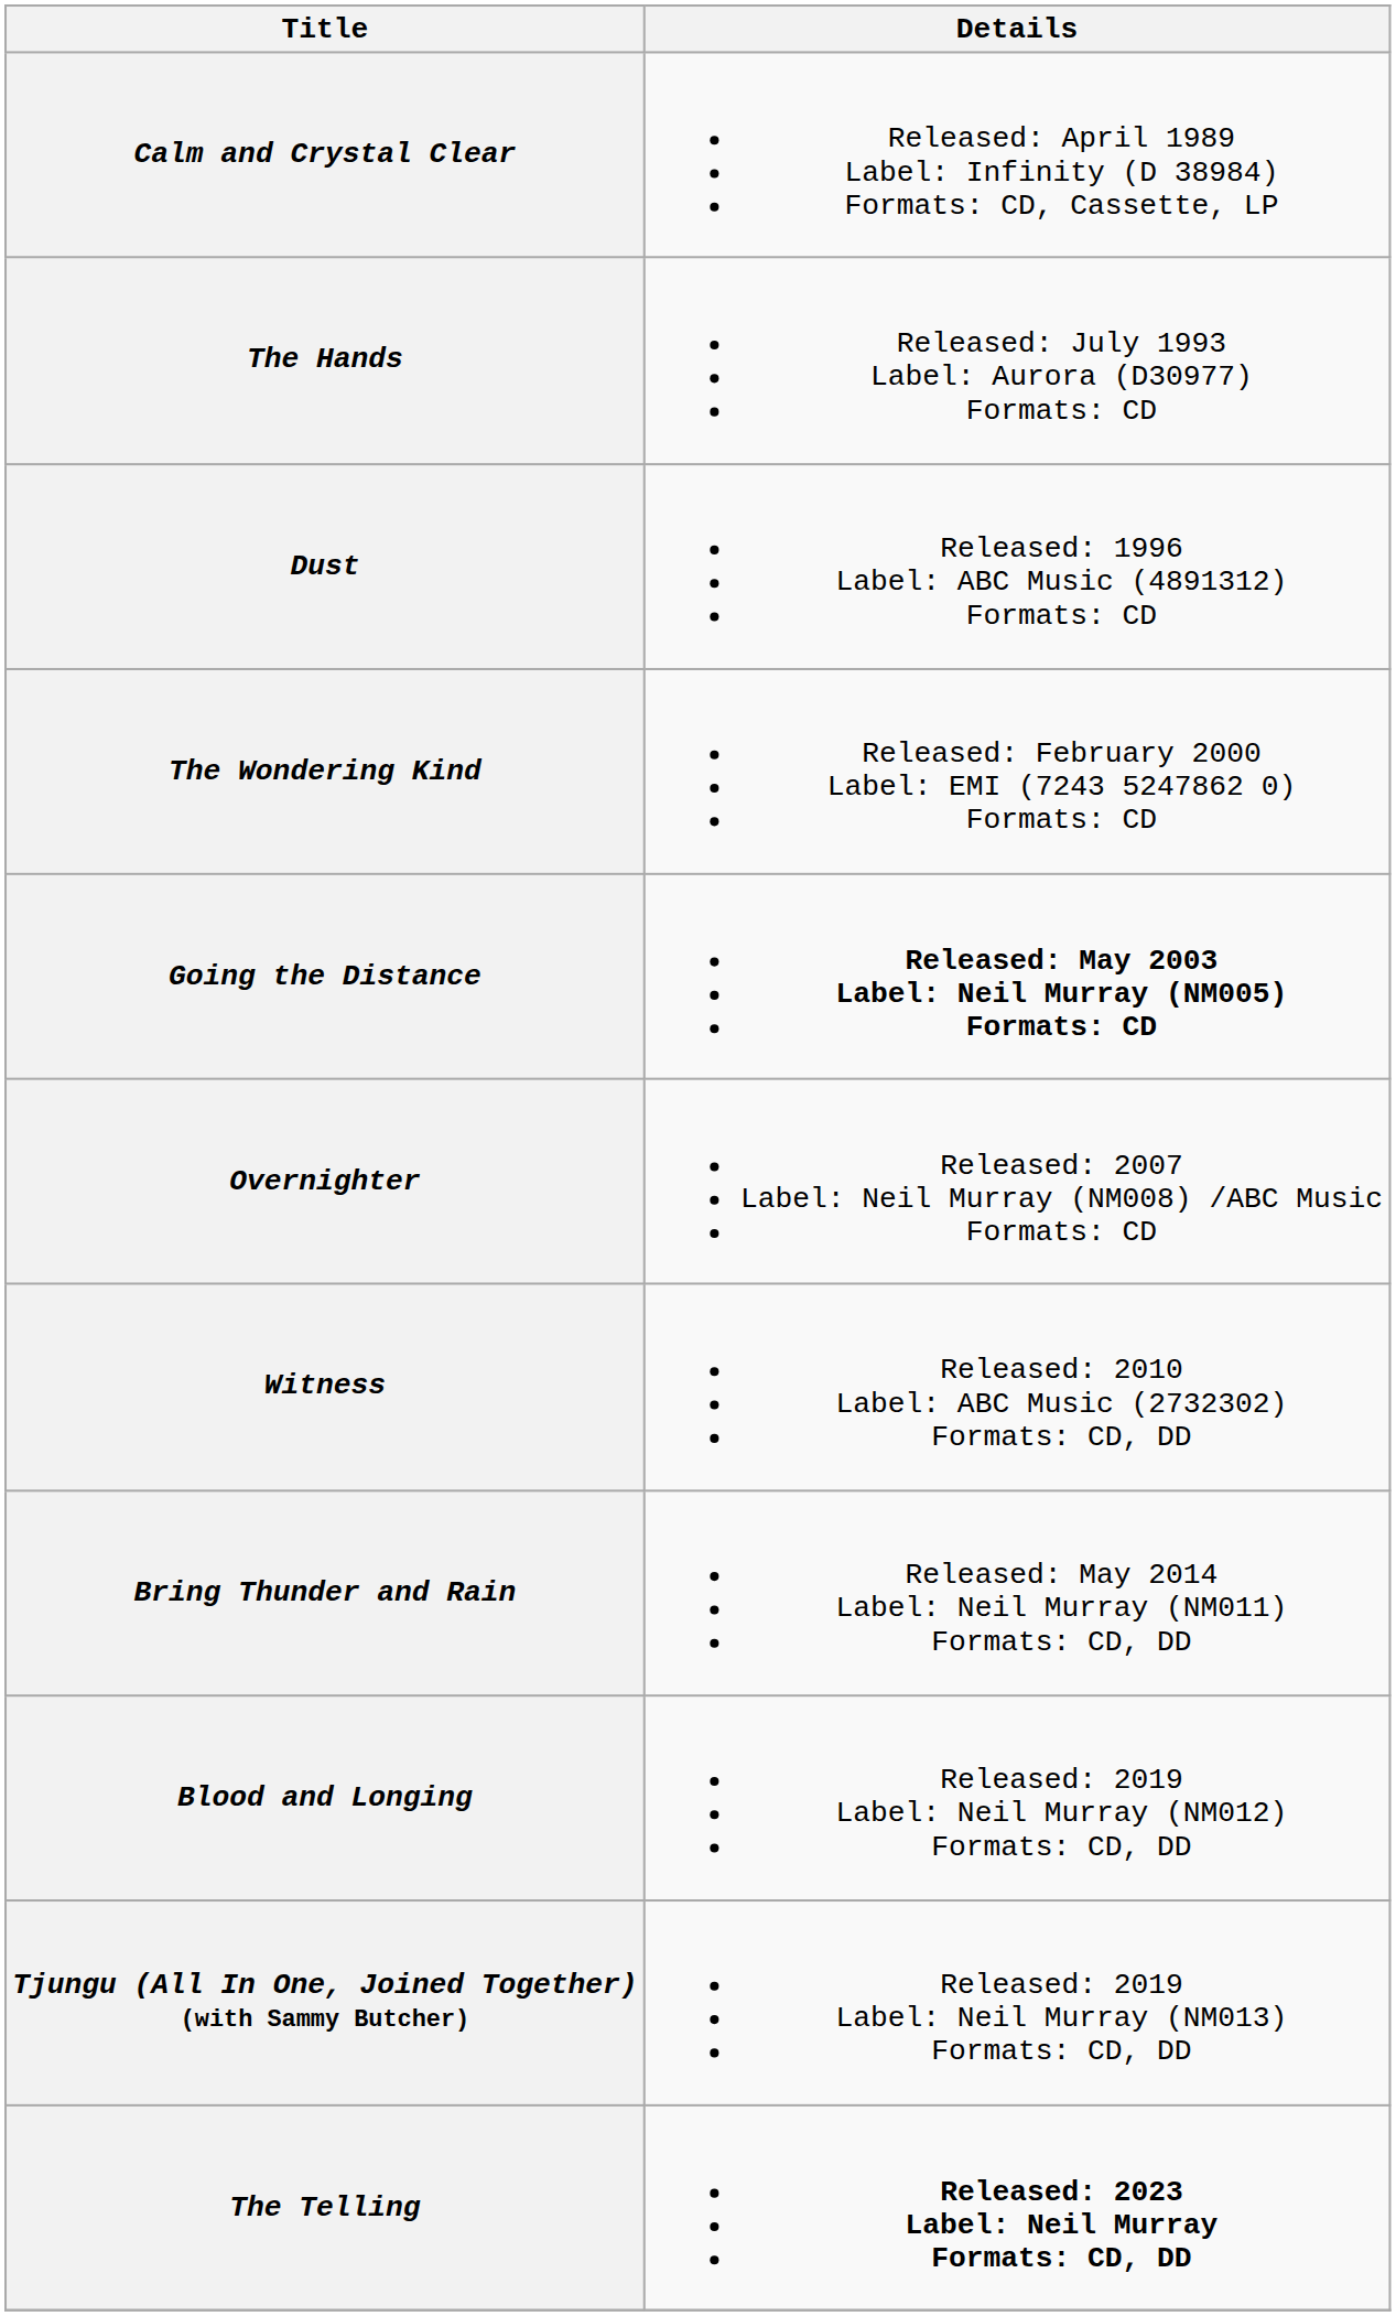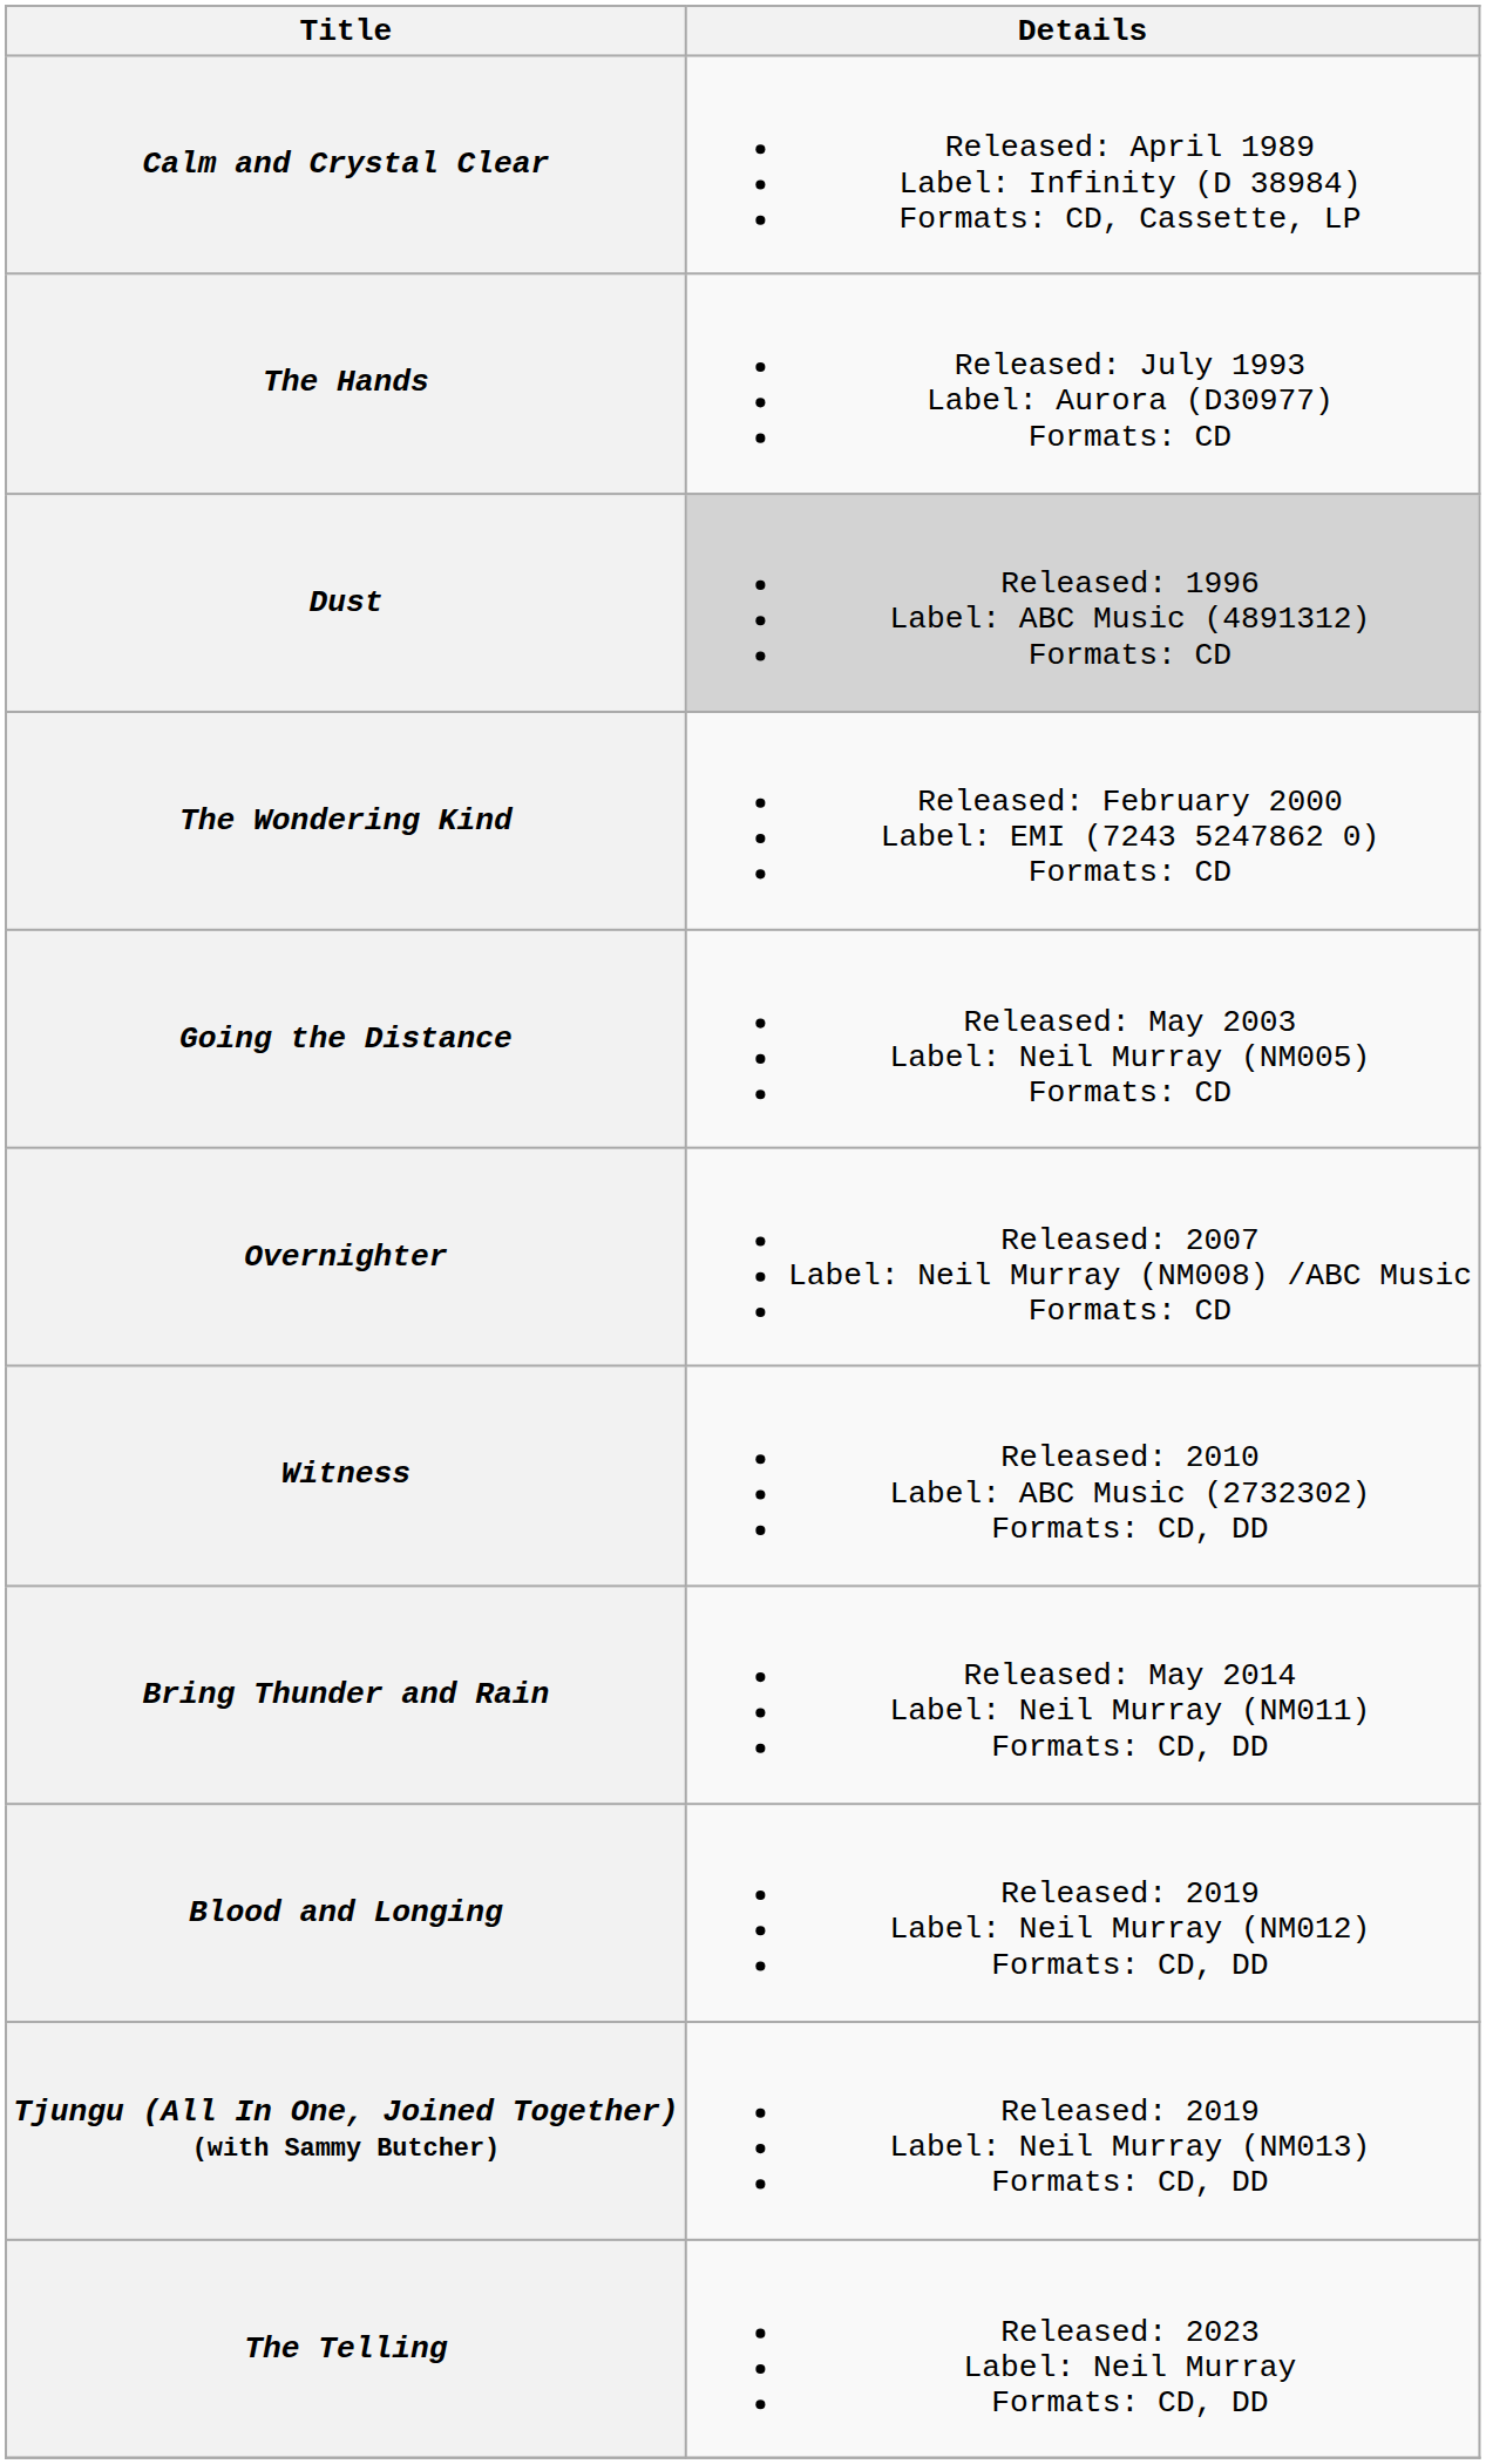 <table class="wikitable plainrowheaders" style="text-align:center;">
 <tr>
 <th>Title</th>
 <th>Details</th>
 </tr>
 <tr>
 <th scope="row"><em>Calm and Crystal Clear</em></th>
 <td><br><ul><li>Released: April 1989</li><li>Label: Infinity (D 38984)</li><li>Formats: CD, Cassette, LP</li></ul></td>
 </tr>
 <tr>
 <th scope="row"><em>The Hands</em></th>
 <td><br><ul><li>Released: July 1993</li><li>Label: Aurora (D30977)</li><li>Formats: CD</li></ul></td>
 </tr>
 <tr>
 <th scope="row"><em>Dust</em></th>
-<td><br><ul><li>Released: 1996</li><li>Label: ABC Music (4891312)</li><li>Formats: CD</li></ul></td>
+<td style="background: lightgrey;"><br><ul><li>Released: 1996</li><li>Label: ABC Music (4891312)</li><li>Formats: CD</li></ul></td>
 </tr>
 <tr>
 <th scope="row"><em>The Wondering Kind</em></th>
 <td><br><ul><li>Released: February 2000</li><li>Label: EMI (7243 5247862 0)</li><li>Formats: CD</li></ul></td>
 </tr>
 <tr>
 <th scope="row"><em>Going the Distance</em></th>
-<td><strong><br><ul><li>Released: May 2003</li><li>Label: Neil Murray (NM005)</li><li>Formats: CD</li></ul></strong></td>
+<td><br><ul><li>Released: May 2003</li><li>Label: Neil Murray (NM005)</li><li>Formats: CD</li></ul></td>
 </tr>
 <tr>
 <th scope="row"><em>Overnighter</em></th>
 <td><br><ul><li>Released: 2007</li><li>Label: Neil Murray (NM008) /ABC Music</li><li>Formats: CD</li></ul></td>
 </tr>
 <tr>
 <th scope="row"><em>Witness</em></th>
 <td><br><ul><li>Released: 2010</li><li>Label: ABC Music (2732302)</li><li>Formats: CD, DD</li></ul></td>
 </tr>
 <tr>
 <th scope="row"><em>Bring Thunder and Rain</em></th>
 <td><br><ul><li>Released: May 2014</li><li>Label: Neil Murray (NM011)</li><li>Formats: CD, DD</li></ul></td>
 </tr>
 <tr>
 <th scope="row"><em>Blood and Longing</em></th>
 <td><br><ul><li>Released: 2019</li><li>Label: Neil Murray (NM012)</li><li>Formats: CD, DD</li></ul></td>
 </tr>
 <tr>
 <th scope="row"><em>Tjungu (All In One, Joined Together)</em> <br><small>(with Sammy Butcher)</small></th>
 <td><br><ul><li>Released: 2019</li><li>Label: Neil Murray (NM013)</li><li>Formats: CD, DD</li></ul></td>
 </tr>
 <tr>
 <th scope="row"><em>The Telling</em></th>
-<td><strong><br><ul><li>Released: 2023</li><li>Label: Neil Murray</li><li>Formats: CD, DD</li></ul></strong></td>
+<td><br><ul><li>Released: 2023</li><li>Label: Neil Murray</li><li>Formats: CD, DD</li></ul></td>
 </tr>
 <tr>
 </tr>
 </table>
